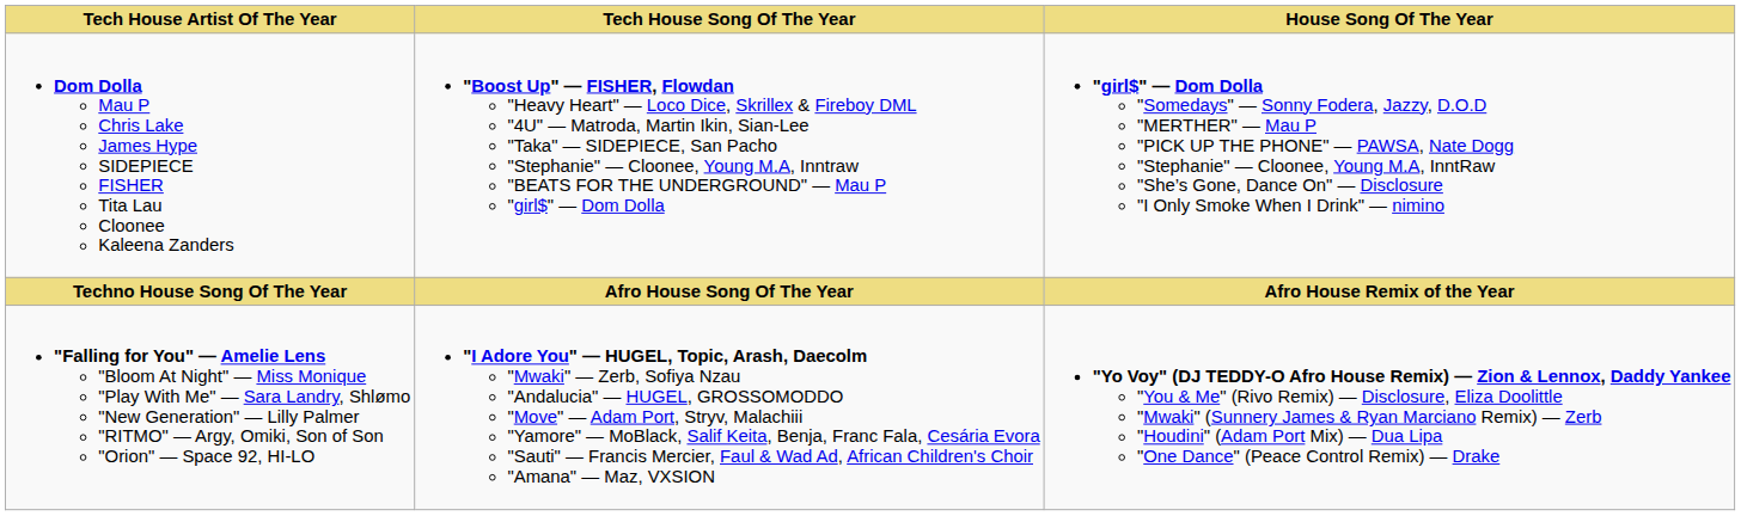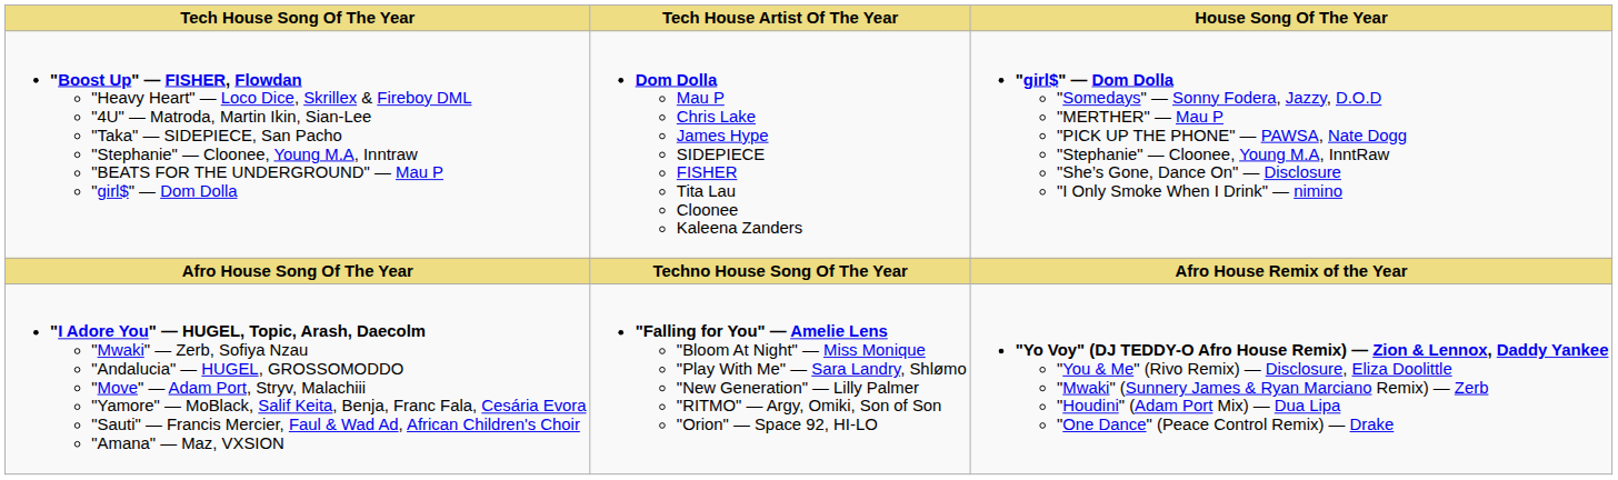 <table class="wikitable">
 <tr>
+<th style="background:#EEDD82; width=50%">Tech House Song Of The Year</th>
 <th style="background:#EEDD82; width=50%">Tech House Artist Of The Year</th>
-<th style="background:#EEDD82; width=50%">Tech House Song Of The Year</th>
 <th style="background:#EEDD82; width=50%">House Song Of The Year</th>
 </tr>
 <tr>
+<td valign="top"><br><ul><li><strong>"<a href='#'>Boost Up</a>" — <a href='#'>FISHER</a>, <a href='#'>Flowdan</a></strong><ul><li>"Heavy Heart" — <a href='#'>Loco Dice</a>, <a href='#'>Skrillex</a> & <a href='#'>Fireboy DML</a></li><li>"4U" — Matroda, Martin Ikin, Sian-Lee</li><li>"Taka" — SIDEPIECE, San Pacho</li><li>"Stephanie" — Cloonee, <a href='#'>Young M.A</a>, Inntraw</li><li>"BEATS FOR THE UNDERGROUND" — <a href='#'>Mau P</a></li><li>"<a href='#'>girl$</a>" — <a href='#'>Dom Dolla</a></li></ul></li></ul></td>
 <td valign="top"><br><ul><li><strong><a href='#'>Dom Dolla</a></strong><ul><li><a href='#'>Mau P</a></li><li><a href='#'>Chris Lake</a></li><li><a href='#'>James Hype</a></li><li>SIDEPIECE</li><li><a href='#'>FISHER</a></li><li>Tita Lau</li><li>Cloonee</li><li>Kaleena Zanders</li></ul></li></ul></td>
-<td valign="top"><br><ul><li><strong>"<a href='#'>Boost Up</a>" — <a href='#'>FISHER</a>, <a href='#'>Flowdan</a></strong><ul><li>"Heavy Heart" — <a href='#'>Loco Dice</a>, <a href='#'>Skrillex</a> & <a href='#'>Fireboy DML</a></li><li>"4U" — Matroda, Martin Ikin, Sian-Lee</li><li>"Taka" — SIDEPIECE, San Pacho</li><li>"Stephanie" — Cloonee, <a href='#'>Young M.A</a>, Inntraw</li><li>"BEATS FOR THE UNDERGROUND" — <a href='#'>Mau P</a></li><li>"<a href='#'>girl$</a>" — <a href='#'>Dom Dolla</a></li></ul></li></ul></td>
 <td valign="top"><br><ul><li><strong>"<a href='#'>girl$</a>" — <a href='#'>Dom Dolla</a></strong><ul><li>"<a href='#'>Somedays</a>" — <a href='#'>Sonny Fodera</a>, <a href='#'>Jazzy</a>, <a href='#'>D.O.D</a></li><li>"MERTHER" — <a href='#'>Mau P</a></li><li>"PICK UP THE PHONE" — <a href='#'>PAWSA</a>, <a href='#'>Nate Dogg</a></li><li>"Stephanie" — Cloonee, <a href='#'>Young M.A</a>, InntRaw</li><li>"She’s Gone, Dance On" — <a href='#'>Disclosure</a></li><li>"I Only Smoke When I Drink" — <a href='#'>nimino</a></li></ul></li></ul></td>
 </tr>
 <tr>
+<th style="background:#EEDD82; width=50%">Afro House Song Of The Year</th>
 <th style="background:#EEDD82; width=50%">Techno House Song Of The Year</th>
-<th style="background:#EEDD82; width=50%">Afro House Song Of The Year</th>
 <th style="background:#EEDD82; width=50%">Afro House Remix of the Year</th>
 </tr>
 <tr>
+<td valign="top"><br><ul><li><strong>"<a href='#'>I Adore You</a>" — HUGEL, Topic, Arash, Daecolm</strong><ul><li>"<a href='#'>Mwaki</a>" — Zerb, Sofiya Nzau</li><li>"Andalucia" — <a href='#'>HUGEL</a>, GROSSOMODDO</li><li>"<a href='#'>Move</a>" — <a href='#'>Adam Port</a>, Stryv, Malachiii</li><li>"Yamore" — MoBlack, <a href='#'>Salif Keita</a>, Benja, Franc Fala, <a href='#'>Cesária Evora</a></li><li>"Sauti" — Francis Mercier, <a href='#'>Faul & Wad Ad</a>, <a href='#'>African Children's Choir</a></li><li>"Amana" — Maz, VXSION</li></ul></li></ul></td>
 <td valign="top"><br><ul><li><strong>"Falling for You" — <a href='#'>Amelie Lens</a></strong><ul><li>"Bloom At Night" — <a href='#'>Miss Monique</a></li><li>"Play With Me" — <a href='#'>Sara Landry</a>, Shlømo</li><li>"New Generation" — Lilly Palmer</li><li>"RITMO" — Argy, Omiki, Son of Son</li><li>"Orion" — Space 92, HI-LO</li></ul></li></ul></td>
-<td valign="top"><br><ul><li><strong>"<a href='#'>I Adore You</a>" — HUGEL, Topic, Arash, Daecolm</strong><ul><li>"<a href='#'>Mwaki</a>" — Zerb, Sofiya Nzau</li><li>"Andalucia" — <a href='#'>HUGEL</a>, GROSSOMODDO</li><li>"<a href='#'>Move</a>" — <a href='#'>Adam Port</a>, Stryv, Malachiii</li><li>"Yamore" — MoBlack, <a href='#'>Salif Keita</a>, Benja, Franc Fala, <a href='#'>Cesária Evora</a></li><li>"Sauti" — Francis Mercier, <a href='#'>Faul & Wad Ad</a>, <a href='#'>African Children's Choir</a></li><li>"Amana" — Maz, VXSION</li></ul></li></ul></td>
 <td><br><ul><li><strong>"Yo Voy" (DJ TEDDY-O Afro House Remix) — <a href='#'>Zion & Lennox</a>, <a href='#'>Daddy Yankee</a></strong><ul><li>"<a href='#'>You & Me</a>" (Rivo Remix) — <a href='#'>Disclosure</a>, <a href='#'>Eliza Doolittle</a></li><li>"<a href='#'>Mwaki</a>" (<a href='#'>Sunnery James & Ryan Marciano</a> Remix) — <a href='#'>Zerb</a></li><li>"<a href='#'>Houdini</a>" (<a href='#'>Adam Port</a> Mix) — <a href='#'>Dua Lipa</a></li><li>"<a href='#'>One Dance</a>" (Peace Control Remix) — <a href='#'>Drake</a></li></ul></li></ul></td>
 </tr>
 </table>
